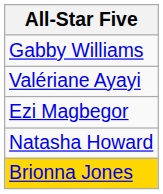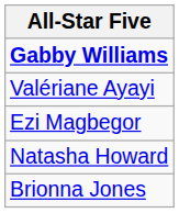 <table | class="wikitable">
 <tr>
 <th colspan=5>All-Star Five</th>
 </tr>
 <tr>
-<td> <a href='#'>Gabby Williams</a></td>
+<td><strong> <a href='#'>Gabby Williams</a></strong></td>
 </tr>
 <tr>
 <td> <a href='#'>Valériane Ayayi</a></td>
 </tr>
 <tr>
 <td> <a href='#'>Ezi Magbegor</a></td>
 </tr>
 <tr>
 <td> <a href='#'>Natasha Howard</a></td>
 </tr>
 <tr>
-<td style="background: gold;"> <a href='#'>Brionna Jones</a></td>
+<td> <a href='#'>Brionna Jones</a></td>
 </tr>
 </table>
